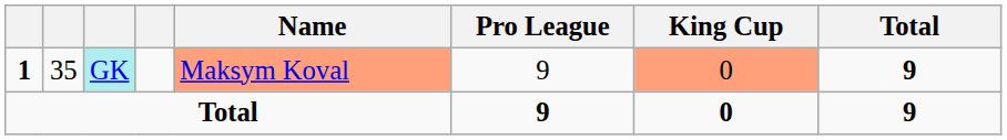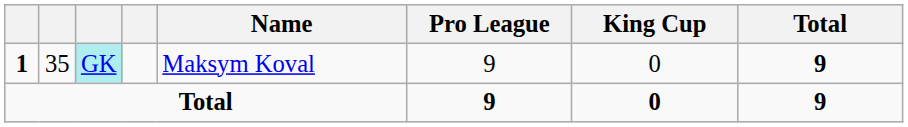 <table class="wikitable" style="text-align:center">
 <tr>
 <th width=15></th>
 <th width=15></th>
 <th width=15></th>
 <th width=15></th>
 <th width=155>Name</th>
 <th width=100>Pro League</th>
 <th width=100>King Cup</th>
 <th width=100>Total</th>
 </tr>
 <tr>
 <td><strong>1</strong></td>
 <td>35</td>
 <td style="background: paleturquoise;"><a href='#'>GK</a></td>
 <td></td>
-<td align=left style="background: lightsalmon;"><a href='#'>Maksym Koval</a></td>
+<td align=left><a href='#'>Maksym Koval</a></td>
 <td>9</td>
-<td style="background: lightsalmon;">0</td>
+<td>0</td>
 <td><strong>9</strong></td>
 </tr>
 <tr>
 <td colspan=5><strong>Total</strong></td>
 <td><strong>9</strong></td>
 <td><strong>0</strong></td>
 <td><strong>9</strong></td>
 </tr>
 </table>
